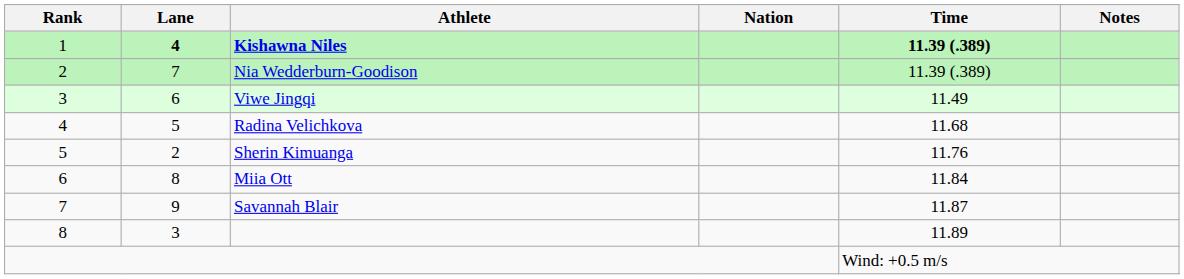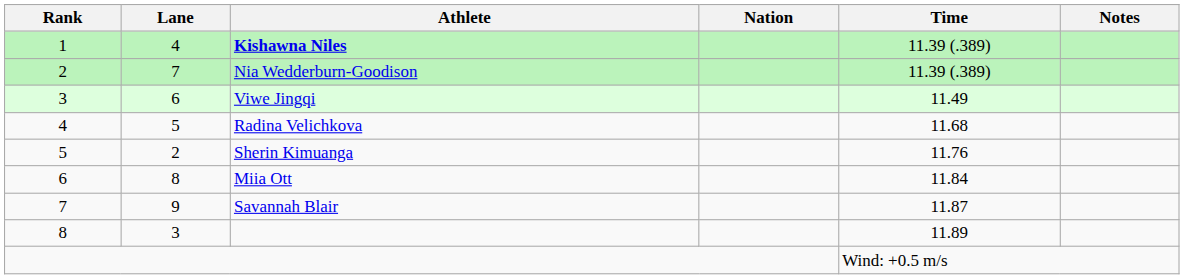 <table class="wikitable sortable" style="text-align:center;width: 70%;">
 <tr>
 <th scope="col">Rank</th>
 <th scope="col">Lane</th>
 <th scope="col">Athlete</th>
 <th scope="col">Nation</th>
 <th scope="col">Time</th>
 <th scope="col">Notes</th>
 </tr>
 <tr bgcolor=bbf3bb>
 <td>1</td>
-<td><strong>4</strong></td>
+<td>4</td>
 <td align=left><strong><a href='#'>Kishawna Niles</a></strong></td>
 <td align=left></td>
-<td><strong>11.39 (.389)</strong></td>
+<td>11.39 (.389)</td>
 <td></td>
 </tr>
 <tr bgcolor=bbf3bb>
 <td>2</td>
 <td>7</td>
 <td align=left><a href='#'>Nia Wedderburn-Goodison</a></td>
 <td align=left></td>
 <td>11.39 (.389)</td>
 <td></td>
 </tr>
 <tr bgcolor=ddffdd>
 <td>3</td>
 <td>6</td>
 <td align=left><a href='#'>Viwe Jingqi</a></td>
 <td align=left></td>
 <td>11.49</td>
 <td></td>
 </tr>
 <tr>
 <td>4</td>
 <td>5</td>
 <td align=left><a href='#'>Radina Velichkova</a></td>
 <td align=left></td>
 <td>11.68</td>
 <td></td>
 </tr>
 <tr>
 <td>5</td>
 <td>2</td>
 <td align=left><a href='#'>Sherin Kimuanga</a></td>
 <td align=left></td>
 <td>11.76</td>
 <td></td>
 </tr>
 <tr>
 <td>6</td>
 <td>8</td>
 <td align=left><a href='#'>Miia Ott</a></td>
 <td align=left></td>
 <td>11.84</td>
 <td></td>
 </tr>
 <tr>
 <td>7</td>
 <td>9</td>
 <td align=left><a href='#'>Savannah Blair</a></td>
 <td align=left></td>
 <td>11.87</td>
 <td></td>
 </tr>
 <tr>
 <td>8</td>
 <td>3</td>
 <td align=left></td>
 <td align=left></td>
 <td>11.89</td>
 <td></td>
 </tr>
 <tr class="sortbottom">
 <td colspan="4"></td>
 <td colspan="2" style="text-align:left;">Wind: +0.5 m/s</td>
 </tr>
 </table>
